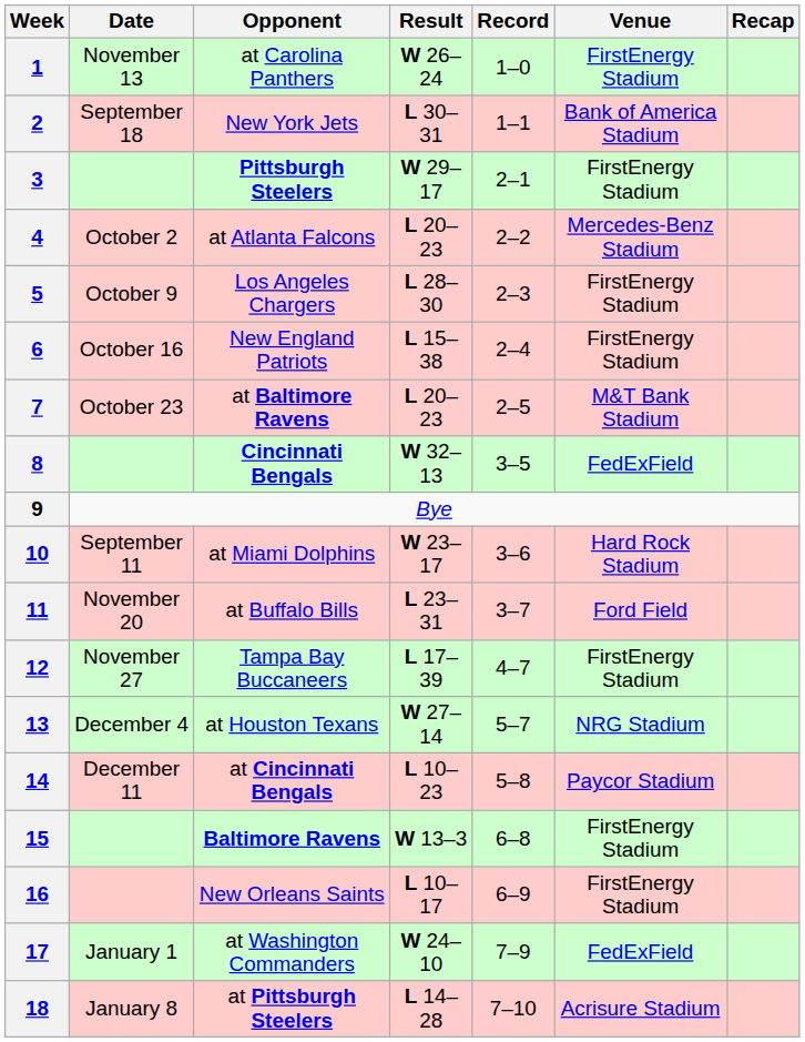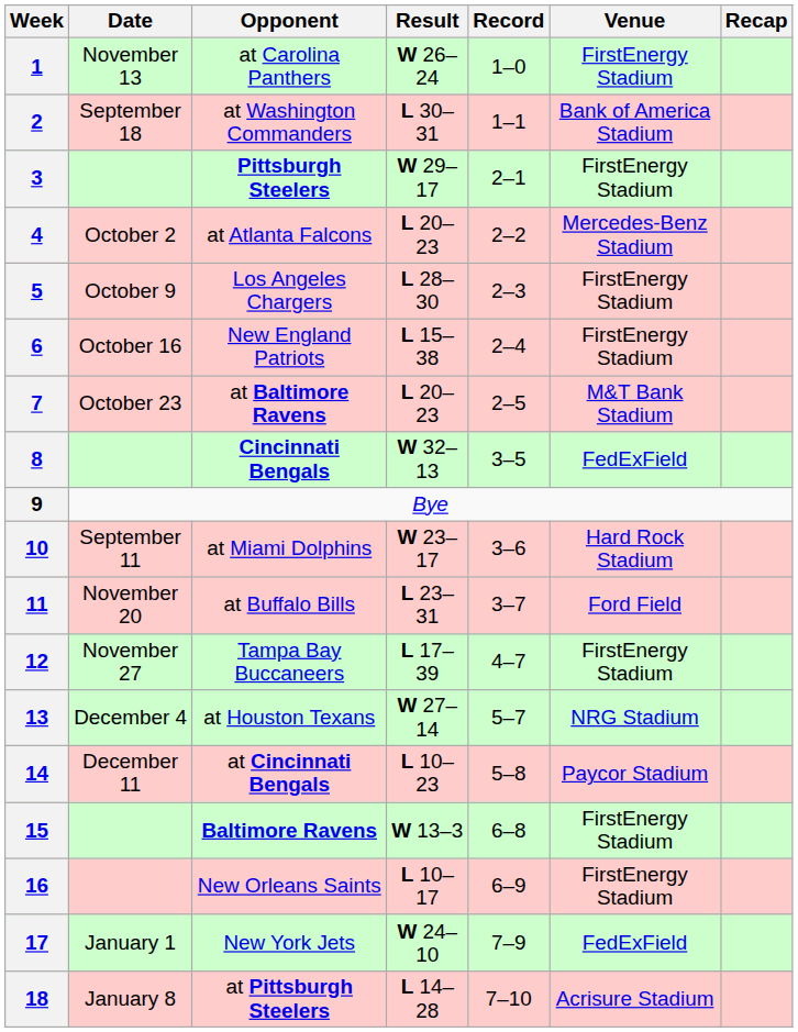 <table class="wikitable" style="text-align:center">
 <tr>
 <th>Week</th>
 <th>Date</th>
 <th>Opponent</th>
 <th>Result</th>
 <th>Record</th>
 <th>Venue</th>
 <th>Recap</th>
 </tr>
 <tr style="background:#cfc">
 <th><a href='#'>1</a></th>
 <td>November 13</td>
 <td>at <a href='#'>Carolina Panthers</a></td>
 <td><strong>W</strong> 26–24</td>
 <td>1–0</td>
 <td><a href='#'>FirstEnergy Stadium</a></td>
 <td></td>
 </tr>
 <tr style="background:#fcc">
 <th><a href='#'>2</a></th>
 <td>September 18</td>
-<td><a href='#'>New York Jets</a></td>
+<td>at <a href='#'>Washington Commanders</a></td>
 <td><strong>L</strong> 30–31</td>
 <td>1–1</td>
 <td><a href='#'>Bank of America Stadium</a></td>
 <td></td>
 </tr>
 <tr style="background:#cfc">
 <th><a href='#'>3</a></th>
 <td></td>
 <td><strong><a href='#'>Pittsburgh Steelers</a></strong></td>
 <td><strong>W</strong> 29–17</td>
 <td>2–1</td>
 <td>FirstEnergy Stadium</td>
 <td></td>
 </tr>
 <tr style="background:#fcc">
 <th><a href='#'>4</a></th>
 <td>October 2</td>
 <td>at <a href='#'>Atlanta Falcons</a></td>
 <td><strong>L</strong> 20–23</td>
 <td>2–2</td>
 <td><a href='#'>Mercedes-Benz Stadium</a></td>
 <td></td>
 </tr>
 <tr style="background:#fcc">
 <th><a href='#'>5</a></th>
 <td>October 9</td>
 <td><a href='#'>Los Angeles Chargers</a></td>
 <td><strong>L</strong> 28–30</td>
 <td>2–3</td>
 <td>FirstEnergy Stadium</td>
 <td></td>
 </tr>
 <tr style="background:#fcc">
 <th><a href='#'>6</a></th>
 <td>October 16</td>
 <td><a href='#'>New England Patriots</a></td>
 <td><strong>L</strong> 15–38</td>
 <td>2–4</td>
 <td>FirstEnergy Stadium</td>
 <td></td>
 </tr>
 <tr style="background:#fcc">
 <th><a href='#'>7</a></th>
 <td>October 23</td>
 <td>at <strong><a href='#'>Baltimore Ravens</a></strong></td>
 <td><strong>L</strong> 20–23</td>
 <td>2–5</td>
 <td><a href='#'>M&T Bank Stadium</a></td>
 <td></td>
 </tr>
 <tr style="background:#cfc">
 <th><a href='#'>8</a></th>
 <td></td>
 <td><strong><a href='#'>Cincinnati Bengals</a></strong></td>
 <td><strong>W</strong> 32–13</td>
 <td>3–5</td>
 <td><a href='#'>FedExField</a></td>
 <td></td>
 </tr>
 <tr>
 <th>9</th>
 <td colspan="6"><em><a href='#'>Bye</a></em></td>
 </tr>
 <tr style="background:#fcc">
 <th><a href='#'>10</a></th>
 <td>September 11</td>
 <td>at <a href='#'>Miami Dolphins</a></td>
 <td><strong>W</strong> 23–17 </td>
 <td>3–6</td>
 <td><a href='#'>Hard Rock Stadium</a></td>
 <td></td>
 </tr>
 <tr style="background:#fcc">
 <th><a href='#'>11</a></th>
 <td>November 20</td>
 <td>at <a href='#'>Buffalo Bills</a></td>
 <td><strong>L</strong> 23–31</td>
 <td>3–7</td>
 <td><a href='#'>Ford Field</a></td>
 <td></td>
 </tr>
 <tr style="background:#cfc">
 <th><a href='#'>12</a></th>
 <td>November 27</td>
 <td><a href='#'>Tampa Bay Buccaneers</a></td>
 <td><strong>L</strong> 17–39</td>
 <td>4–7</td>
 <td>FirstEnergy Stadium</td>
 <td></td>
 </tr>
 <tr style="background:#cfc">
 <th><a href='#'>13</a></th>
 <td>December 4</td>
 <td>at <a href='#'>Houston Texans</a></td>
 <td><strong>W</strong> 27–14</td>
 <td>5–7</td>
 <td><a href='#'>NRG Stadium</a></td>
 <td></td>
 </tr>
 <tr style="background:#fcc">
 <th><a href='#'>14</a></th>
 <td>December 11</td>
 <td>at <strong><a href='#'>Cincinnati Bengals</a></strong></td>
 <td><strong>L</strong> 10–23</td>
 <td>5–8</td>
 <td><a href='#'>Paycor Stadium</a></td>
 <td></td>
 </tr>
 <tr style="background:#cfc">
 <th><a href='#'>15</a></th>
 <td></td>
 <td><strong><a href='#'>Baltimore Ravens</a></strong></td>
 <td><strong>W</strong> 13–3</td>
 <td>6–8</td>
 <td>FirstEnergy Stadium</td>
 <td></td>
 </tr>
 <tr style="background:#fcc">
 <th><a href='#'>16</a></th>
 <td></td>
 <td><a href='#'>New Orleans Saints</a></td>
 <td><strong>L</strong> 10–17</td>
 <td>6–9</td>
 <td>FirstEnergy Stadium</td>
 <td></td>
 </tr>
 <tr style="background:#cfc">
 <th><a href='#'>17</a></th>
 <td>January 1</td>
-<td>at <a href='#'>Washington Commanders</a></td>
+<td><a href='#'>New York Jets</a></td>
 <td><strong>W</strong> 24–10</td>
 <td>7–9</td>
 <td><a href='#'>FedExField</a></td>
 <td></td>
 </tr>
 <tr style="background:#fcc">
 <th><a href='#'>18</a></th>
 <td>January 8</td>
 <td>at <strong><a href='#'>Pittsburgh Steelers</a></strong></td>
 <td><strong>L</strong> 14–28</td>
 <td>7–10</td>
 <td><a href='#'>Acrisure Stadium</a></td>
 <td></td>
 </tr>
 </table>
